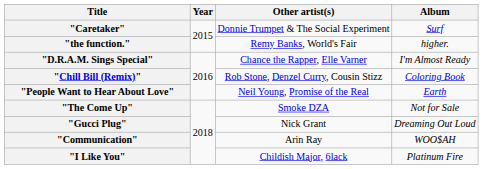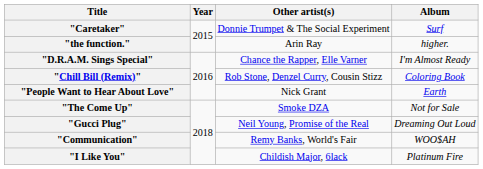 <table class="wikitable plainrowheaders" style="text-align:center;">
 <tr>
 <th scope="col" style="width:18em;">Title</th>
 <th scope="col">Year</th>
 <th scope="col">Other artist(s)</th>
 <th scope="col">Album</th>
 </tr>
 <tr>
 <th scope="row">"Caretaker"</th>
 <td rowspan="2">2015</td>
 <td><a href='#'>Donnie Trumpet</a> & The Social Experiment</td>
 <td><em><a href='#'>Surf</a></em></td>
 </tr>
 <tr>
 <th scope="row">"the function."</th>
-<td><a href='#'>Remy Banks</a>, World's Fair</td>
+<td>Arin Ray</td>
 <td><em>higher.</em></td>
 </tr>
 <tr>
 <th scope="row">"D.R.A.M. Sings Special"</th>
 <td rowspan="3">2016</td>
 <td><a href='#'>Chance the Rapper</a>, <a href='#'>Elle Varner</a></td>
 <td><em>I'm Almost Ready</em></td>
 </tr>
 <tr>
 <th scope="row">"<a href='#'>Chill Bill (Remix)</a>"</th>
 <td><a href='#'>Rob Stone</a>, <a href='#'>Denzel Curry</a>, Cousin Stizz</td>
 <td><em><a href='#'>Coloring Book</a></em></td>
 </tr>
 <tr>
 <th scope="row">"People Want to Hear About Love"</th>
-<td><a href='#'>Neil Young</a>, <a href='#'>Promise of the Real</a></td>
+<td>Nick Grant</td>
 <td><em><a href='#'>Earth</a></em></td>
 </tr>
 <tr>
 <th scope="row">"The Come Up"</th>
 <td rowspan="4">2018</td>
 <td><a href='#'>Smoke DZA</a></td>
 <td><em>Not for Sale</em></td>
 </tr>
 <tr>
 <th scope="row">"Gucci Plug"</th>
-<td>Nick Grant</td>
+<td><a href='#'>Neil Young</a>, <a href='#'>Promise of the Real</a></td>
 <td><em>Dreaming Out Loud</em></td>
 </tr>
 <tr>
 <th scope="row">"Communication"</th>
-<td>Arin Ray</td>
+<td><a href='#'>Remy Banks</a>, World's Fair</td>
 <td><em>WOO$AH</em></td>
 </tr>
 <tr>
 <th scope="row">"I Like You"</th>
 <td><a href='#'>Childish Major</a>, <a href='#'>6lack</a></td>
 <td><em>Platinum Fire</em></td>
 </tr>
 </table>
